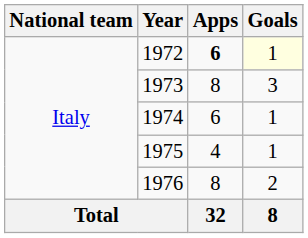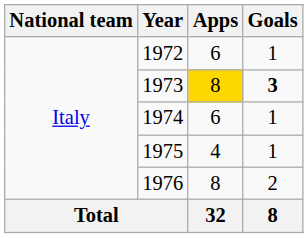 <table class="wikitable" style="text-align:center">
 <tr>
 <th>National team</th>
 <th>Year</th>
 <th>Apps</th>
 <th>Goals</th>
 </tr>
 <tr>
 <td rowspan="5"><a href='#'>Italy</a></td>
 <td>1972</td>
-<td><strong>6</strong></td>
-<td style="background: lightyellow;">1</td>
+<td>6</td>
+<td>1</td>
 </tr>
 <tr>
 <td>1973</td>
-<td>8</td>
-<td>3</td>
+<td style="background: gold;">8</td>
+<td><strong>3</strong></td>
 </tr>
 <tr>
 <td>1974</td>
 <td>6</td>
 <td>1</td>
 </tr>
 <tr>
 <td>1975</td>
 <td>4</td>
 <td>1</td>
 </tr>
 <tr>
 <td>1976</td>
 <td>8</td>
 <td>2</td>
 </tr>
 <tr>
 <th colspan="2">Total</th>
 <th>32</th>
 <th>8</th>
 </tr>
 </table>
